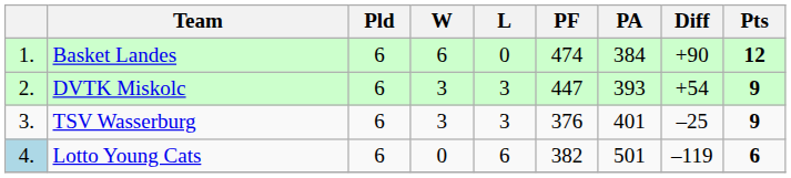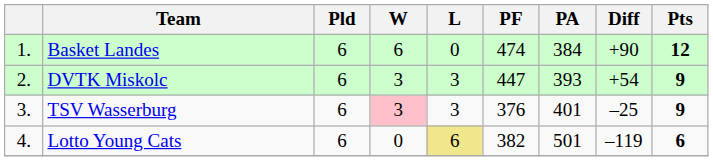 <table class="wikitable" style="text-align:center">
 <tr>
 <th width=25></th>
 <th width=220>Team</th>
 <th width=40>Pld</th>
 <th width=40>W</th>
 <th width=40>L</th>
 <th width=40>PF</th>
 <th width=40>PA</th>
 <th width=40>Diff</th>
 <th width=40>Pts</th>
 </tr>
 <tr style="background:#cfc;">
 <td>1.</td>
 <td align=left> <a href='#'>Basket Landes</a></td>
 <td>6</td>
 <td>6</td>
 <td>0</td>
 <td>474</td>
 <td>384</td>
 <td>+90</td>
 <td><strong>12</strong></td>
 </tr>
 <tr style="background:#cfc;">
 <td>2.</td>
 <td align=left> <a href='#'>DVTK Miskolc</a></td>
 <td>6</td>
 <td>3</td>
 <td>3</td>
 <td>447</td>
 <td>393</td>
 <td>+54</td>
 <td><strong>9</strong></td>
 </tr>
 <tr>
 <td>3.</td>
 <td align=left> <a href='#'>TSV Wasserburg</a></td>
 <td>6</td>
-<td>3</td>
+<td style="background: pink;">3</td>
 <td>3</td>
 <td>376</td>
 <td>401</td>
 <td>–25</td>
 <td><strong>9</strong></td>
 </tr>
 <tr>
-<td style="background: lightblue;">4.</td>
+<td>4.</td>
 <td align=left> <a href='#'>Lotto Young Cats</a></td>
 <td>6</td>
 <td>0</td>
-<td>6</td>
+<td style="background: khaki;">6</td>
 <td>382</td>
 <td>501</td>
 <td>–119</td>
 <td><strong>6</strong></td>
 </tr>
 <tr>
 </tr>
 </table>
